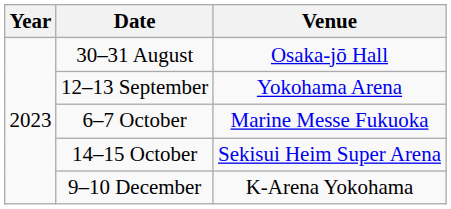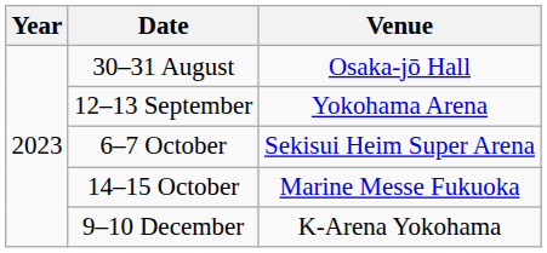 <table class="wikitable plainrowheaders" style="text-align:center">
 <tr>
 <th scope="col">Year</th>
 <th scope="col">Date</th>
 <th scope="col">Venue</th>
 </tr>
 <tr>
 <td rowspan="5">2023</td>
 <td>30–31 August</td>
 <td><a href='#'>Osaka-jō Hall</a></td>
 </tr>
 <tr>
 <td>12–13 September</td>
 <td><a href='#'>Yokohama Arena</a></td>
 </tr>
 <tr>
 <td>6–7 October</td>
-<td><a href='#'>Marine Messe Fukuoka</a></td>
+<td><a href='#'>Sekisui Heim Super Arena</a></td>
 </tr>
 <tr>
 <td>14–15 October</td>
-<td><a href='#'>Sekisui Heim Super Arena</a></td>
+<td><a href='#'>Marine Messe Fukuoka</a></td>
 </tr>
 <tr>
 <td>9–10 December</td>
 <td>K-Arena Yokohama</td>
 </tr>
 </table>
